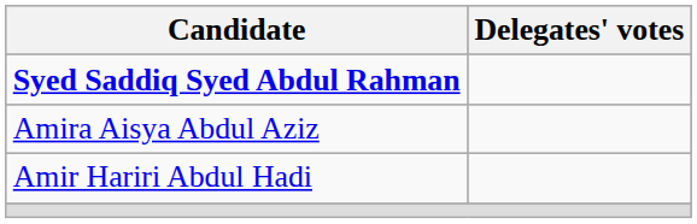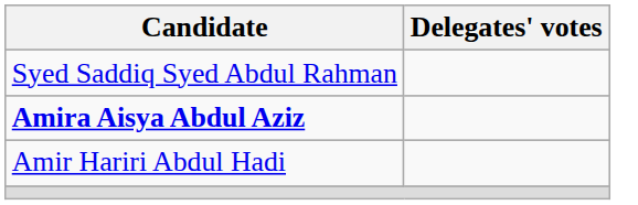 <table class="wikitable" style="text-align:center">
 <tr>
 <th>Candidate</th>
 <th>Delegates' votes</th>
 </tr>
 <tr>
-<td align="left"><strong><a href='#'>Syed Saddiq Syed Abdul Rahman</a></strong></td>
+<td align="left"><a href='#'>Syed Saddiq Syed Abdul Rahman</a></td>
 <td colspan="1"></td>
 </tr>
 <tr>
-<td align="left"><a href='#'>Amira Aisya Abdul Aziz</a></td>
+<td align="left"><strong><a href='#'>Amira Aisya Abdul Aziz</a></strong></td>
 <td colspan="1"></td>
 </tr>
 <tr>
 <td align="left"><a href='#'>Amir Hariri Abdul Hadi</a></td>
 <td colspan="1"></td>
 </tr>
 <tr>
 <td colspan="3" bgcolor="dcdcdc"></td>
 </tr>
 </table>
